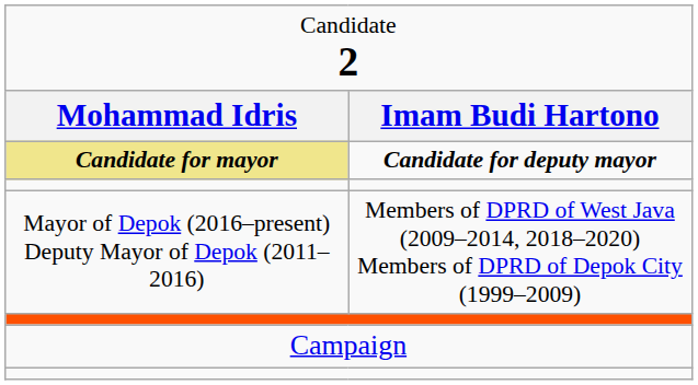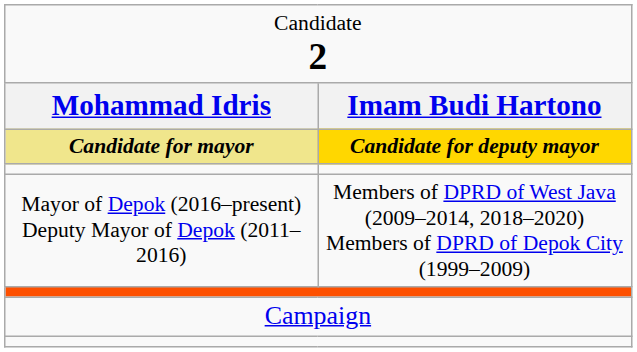 <table class="wikitable" style="font-size:90%; text-align:center;">
 <tr>
 <td colspan=2 style="text-align:center;">Candidate<br><big><big><big><strong>2</strong></big></big></big></td>
 </tr>
 <tr>
 <th style=" font-size:135%; width:200px;"><a href='#'>Mohammad Idris</a></th>
 <th style=" font-size:135%; width:200px;"><a href='#'>Imam Budi Hartono</a></th>
 </tr>
 <tr style="color:#000; font-size:100%;">
 <td style="background: khaki;  width:200px;"><strong><em>Candidate for mayor</em></strong></td>
-<td style=" width:200px;"><strong><em>Candidate for deputy mayor</em></strong></td>
+<td style="background: gold;  width:200px;"><strong><em>Candidate for deputy mayor</em></strong></td>
 </tr>
 <tr>
 <td></td>
 <td></td>
 </tr>
 <tr>
 <td>Mayor of <a href='#'>Depok</a> (2016–present) <br> Deputy Mayor of <a href='#'>Depok</a> (2011–2016)</td>
 <td>Members of <a href='#'>DPRD of West Java</a> (2009–2014, 2018–2020) <br> Members of <a href='#'>DPRD of Depok City</a> (1999–2009)</td>
 </tr>
 <tr>
 <td colspan=2 bgcolor="#FE5000"></td>
 </tr>
 <tr>
 <td colspan=2><big><a href='#'>Campaign</a></big></td>
 </tr>
 <tr>
 <td colspan=2></td>
 </tr>
 </table>
